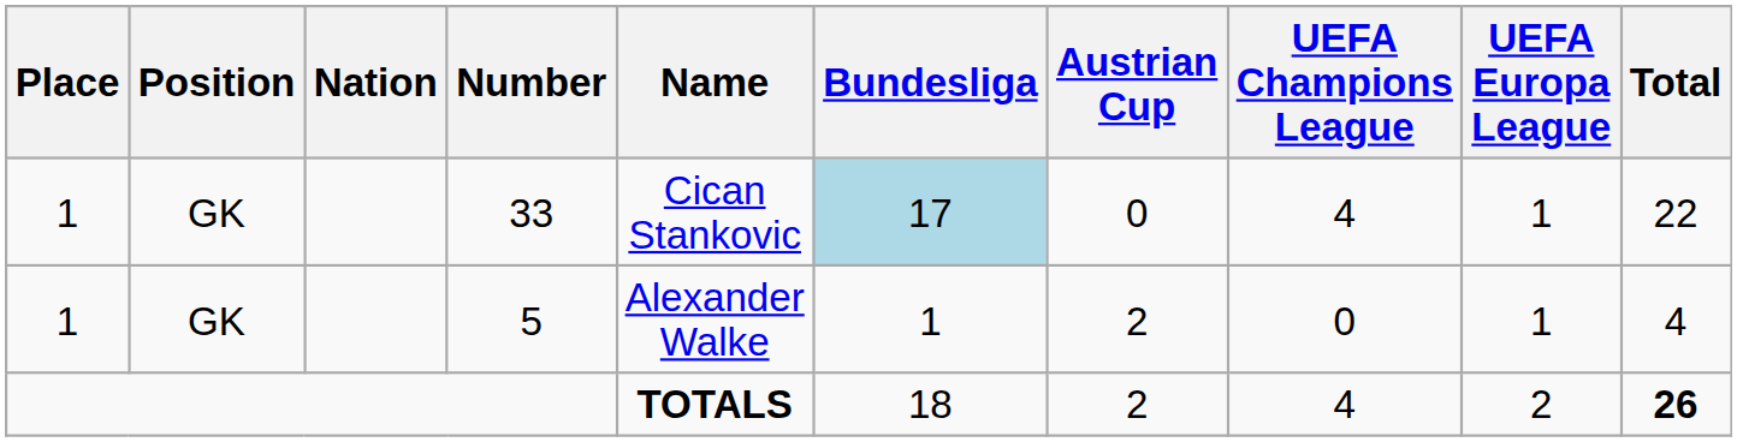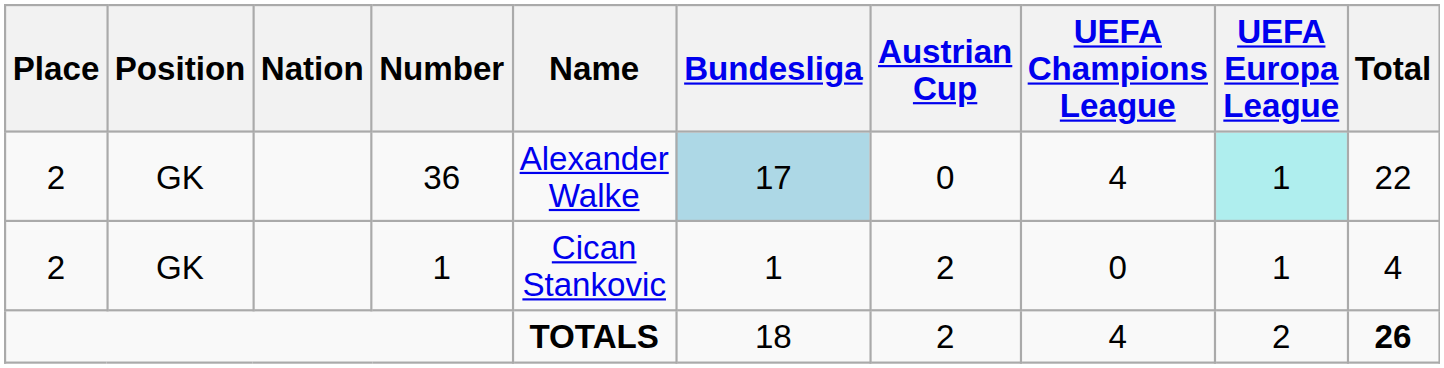 <table class="wikitable" style="font-size: 95%; text-align: center;">
 <tr>
 <th width=60>Place</th>
 <th width=60>Position</th>
 <th width=60>Nation</th>
 <th width=60>Number</th>
 <th width=200>Name</th>
 <th width=200><a href='#'>Bundesliga</a></th>
 <th width=200><a href='#'>Austrian Cup</a></th>
 <th width=200><a href='#'>UEFA Champions League</a></th>
 <th width=200><a href='#'>UEFA Europa League</a></th>
 <th width=80>Total</th>
 </tr>
 <tr>
-<td>1</td>
+<td>2</td>
 <td>GK</td>
 <td></td>
-<td>33</td>
-<td><a href='#'>Cican Stankovic</a></td>
+<td>36</td>
+<td><a href='#'>Alexander Walke</a></td>
 <td style="background: lightblue;">17</td>
 <td>0</td>
 <td>4</td>
-<td>1</td>
+<td style="background: paleturquoise;">1</td>
 <td>22</td>
 </tr>
 <tr>
-<td>1</td>
+<td>2</td>
 <td>GK</td>
 <td></td>
-<td>5</td>
-<td><a href='#'>Alexander Walke</a></td>
+<td>1</td>
+<td><a href='#'>Cican Stankovic</a></td>
 <td>1</td>
 <td>2</td>
 <td>0</td>
 <td>1</td>
 <td>4</td>
 </tr>
 <tr>
 <td colspan="4"></td>
 <td><strong>TOTALS</strong></td>
 <td>18</td>
 <td>2</td>
 <td>4</td>
 <td>2</td>
 <td><strong>26</strong></td>
 </tr>
 </table>
